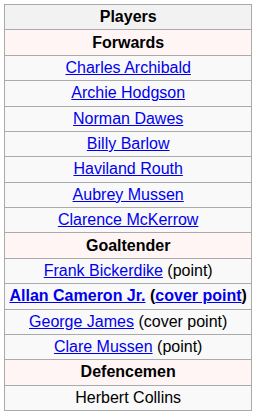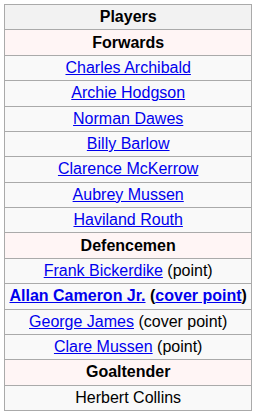 <table class="wikitable" style="text-align:center;">
 <tr>
 <th style="width: 240px;">Players</th>
 </tr>
 <tr style="font-weight:bold; background-color:#FFF5F5;">
 <td colspan="1" align="center"><strong>Forwards</strong></td>
 </tr>
 <tr>
 <td><a href='#'>Charles Archibald</a></td>
 </tr>
 <tr>
 <td><a href='#'>Archie Hodgson</a></td>
 </tr>
 <tr>
 <td><a href='#'>Norman Dawes</a></td>
 </tr>
 <tr>
 <td><a href='#'>Billy Barlow</a></td>
 </tr>
 <tr>
-<td><a href='#'>Haviland Routh</a></td>
+<td><a href='#'>Clarence McKerrow</a></td>
 </tr>
 <tr>
 <td><a href='#'>Aubrey Mussen</a></td>
 </tr>
 <tr>
-<td><a href='#'>Clarence McKerrow</a></td>
+<td><a href='#'>Haviland Routh</a></td>
 </tr>
 <tr style="font-weight:bold; background-color:#FFF5F5;">
-<td colspan="1" align="center"><strong>Goaltender</strong></td>
+<td colspan="1" align="center"><strong>Defencemen</strong></td>
 </tr>
 <tr>
 <td><a href='#'>Frank Bickerdike</a> (point)</td>
 </tr>
 <tr>
 <td><strong><a href='#'>Allan Cameron Jr.</a> (<a href='#'>cover point</a>)</strong></td>
 </tr>
 <tr>
 <td><a href='#'>George James</a> (cover point)</td>
 </tr>
 <tr>
 <td><a href='#'>Clare Mussen</a> (point)</td>
 </tr>
 <tr style="font-weight:bold; background-color:#FFF5F5;">
-<td colspan="1" align="center"><strong>Defencemen</strong></td>
+<td colspan="1" align="center"><strong>Goaltender</strong></td>
 </tr>
 <tr>
 <td>Herbert Collins</td>
 </tr>
 </table>
